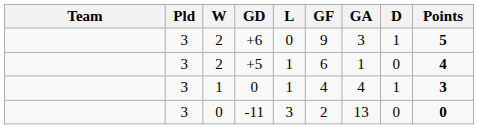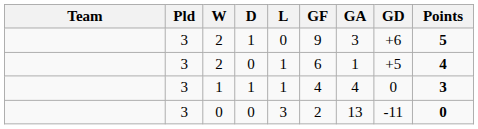 <table class=wikitable style="text-align:center" width=500>
 <tr>
 <th width=25%>Team</th>
 <th width=5%>Pld</th>
 <th width=5%>W</th>
-<th width=5%>GD</th>
+<th width=5%>D</th>
 <th width=5%>L</th>
 <th width=5%>GF</th>
 <th width=5%>GA</th>
-<th width=5%>D</th>
+<th width=5%>GD</th>
 <th width=8%>Points</th>
 </tr>
 <tr>
 <td align="left"></td>
 <td>3</td>
 <td>2</td>
-<td>+6</td>
+<td>1</td>
 <td>0</td>
 <td>9</td>
 <td>3</td>
-<td>1</td>
+<td>+6</td>
 <td><strong>5</strong></td>
 </tr>
 <tr>
 <td align="left"></td>
 <td>3</td>
 <td>2</td>
-<td>+5</td>
+<td>0</td>
 <td>1</td>
 <td>6</td>
 <td>1</td>
-<td>0</td>
+<td>+5</td>
 <td><strong>4</strong></td>
 </tr>
 <tr>
 <td align="left"></td>
 <td>3</td>
 <td>1</td>
-<td>0</td>
+<td>1</td>
 <td>1</td>
 <td>4</td>
 <td>4</td>
-<td>1</td>
+<td>0</td>
 <td><strong>3</strong></td>
 </tr>
 <tr>
 <td align="left"></td>
 <td>3</td>
 <td>0</td>
-<td>-11</td>
+<td>0</td>
 <td>3</td>
 <td>2</td>
 <td>13</td>
-<td>0</td>
+<td>-11</td>
 <td><strong>0</strong></td>
 </tr>
 </table>
